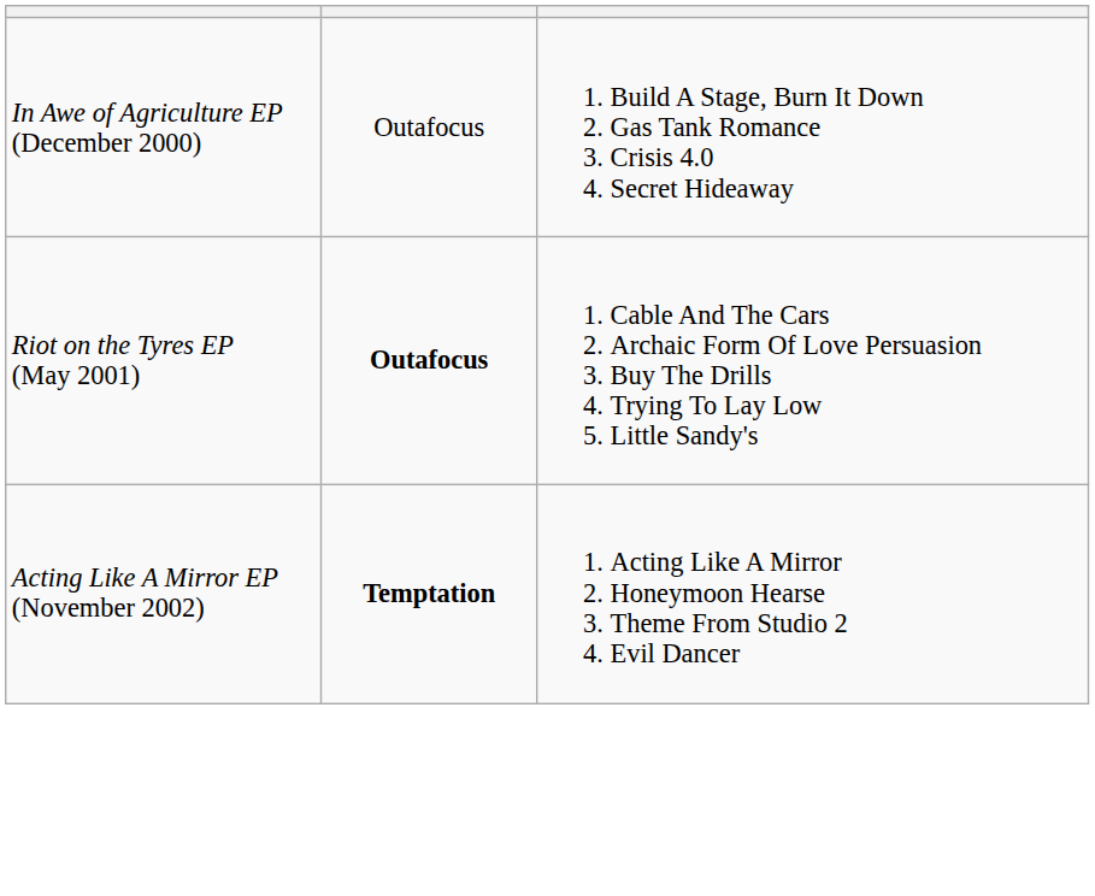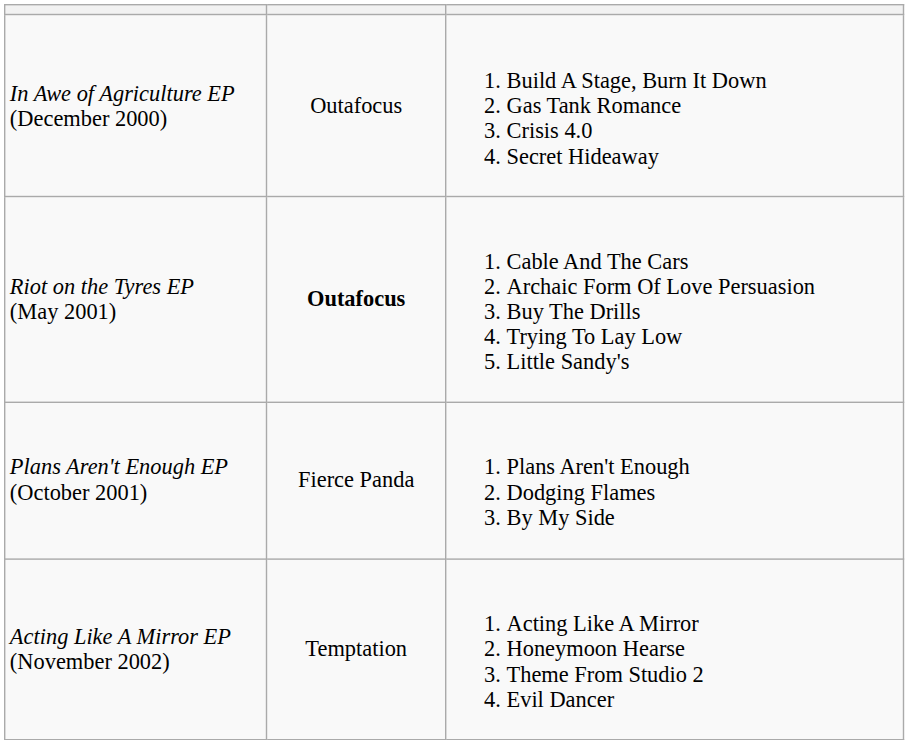 <table class="wikitable">
 <tr>
 <th width="180"></th>
 <th width="120"></th>
 <th width="320"></th>
 </tr>
 <tr>
 <td><em>In Awe of Agriculture EP</em><br>(December 2000)</td>
 <td style="text-align:center">Outafocus</td>
 <td><br><ol><li>Build A Stage, Burn It Down</li><li>Gas Tank Romance</li><li>Crisis 4.0</li><li>Secret Hideaway</li></ol></td>
 </tr>
 <tr>
 <td><em>Riot on the Tyres EP</em><br>(May 2001)</td>
 <td style="text-align:center"><strong>Outafocus</strong></td>
 <td><br><ol><li>Cable And The Cars</li><li>Archaic Form Of Love Persuasion</li><li>Buy The Drills</li><li>Trying To Lay Low</li><li>Little Sandy's</li></ol></td>
 </tr>
 <tr>
+<td><em>Plans Aren't Enough EP</em><br>(October 2001)</td>
+<td style="text-align:center">Fierce Panda</td>
+<td><br><ol><li>Plans Aren't Enough</li><li>Dodging Flames</li><li>By My Side</li></ol></td>
+</tr>
+<tr>
 <td><em>Acting Like A Mirror EP</em><br>(November 2002)</td>
-<td style="text-align:center"><strong>Temptation</strong></td>
+<td style="text-align:center">Temptation</td>
 <td><br><ol><li>Acting Like A Mirror</li><li>Honeymoon Hearse</li><li>Theme From Studio 2</li><li>Evil Dancer</li></ol></td>
 </tr>
 </table>
